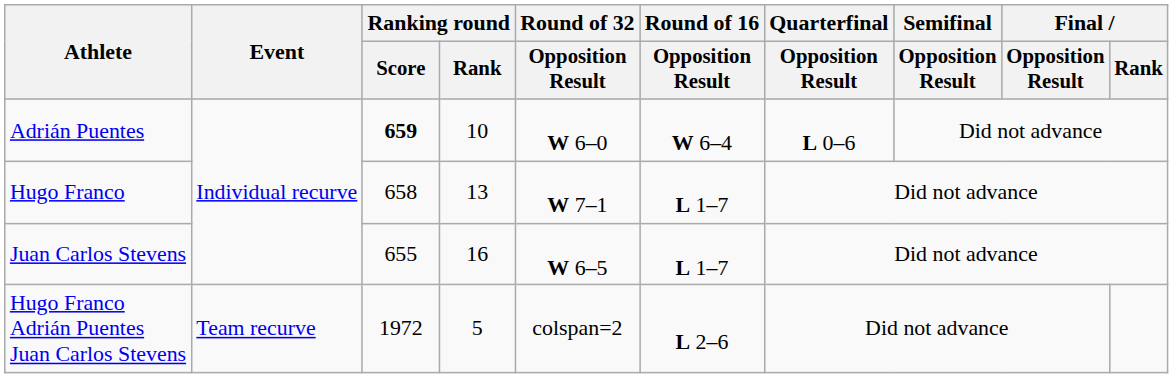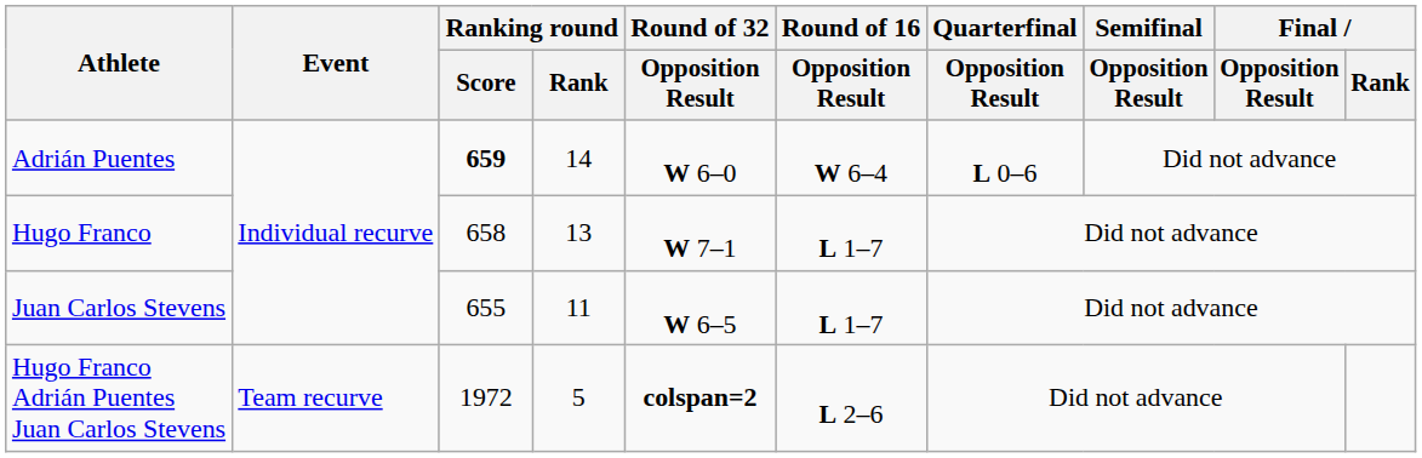 <table class=wikitable style=font-size:90%;text-align:center>
 <tr>
 <th rowspan=2>Athlete</th>
 <th rowspan=2>Event</th>
 <th colspan=2>Ranking round</th>
 <th>Round of 32</th>
 <th>Round of 16</th>
 <th>Quarterfinal</th>
 <th>Semifinal</th>
 <th colspan=2>Final / </th>
 </tr>
 <tr style=font-size:95%>
 <th>Score</th>
 <th>Rank</th>
 <th>Opposition<br>Result</th>
 <th>Opposition<br>Result</th>
 <th>Opposition<br>Result</th>
 <th>Opposition<br>Result</th>
 <th>Opposition<br>Result</th>
 <th>Rank</th>
 </tr>
 <tr>
 <td align=left><a href='#'>Adrián Puentes</a></td>
 <td align=left rowspan=3><a href='#'>Individual recurve</a></td>
 <td><strong>659</strong></td>
-<td>10</td>
+<td>14</td>
 <td><br><strong>W</strong> 6–0</td>
 <td><br><strong>W</strong> 6–4</td>
 <td><br><strong>L</strong> 0–6</td>
 <td colspan=3>Did not advance</td>
 </tr>
 <tr align=center>
 <td align=left><a href='#'>Hugo Franco</a></td>
 <td>658</td>
 <td>13</td>
 <td><br><strong>W</strong> 7–1</td>
 <td><br><strong>L</strong> 1–7</td>
 <td colspan=4>Did not advance</td>
 </tr>
 <tr align=center>
 <td align=left><a href='#'>Juan Carlos Stevens</a></td>
 <td>655</td>
-<td>16</td>
+<td>11</td>
 <td><br><strong>W</strong> 6–5</td>
 <td><br><strong>L</strong> 1–7</td>
 <td colspan=4>Did not advance</td>
 </tr>
 <tr align=center>
 <td align=left><a href='#'>Hugo Franco</a><br><a href='#'>Adrián Puentes</a><br><a href='#'>Juan Carlos Stevens</a></td>
 <td align=left><a href='#'>Team recurve</a></td>
 <td>1972</td>
 <td>5</td>
-<td>colspan=2 </td>
+<td><strong>colspan=2 </strong></td>
 <td><br><strong>L</strong> 2–6</td>
 <td colspan=3>Did not advance</td>
 </tr>
 </table>
